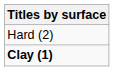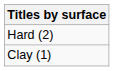 <table class=wikitable style=font-size:97%>
 <tr>
 <th>Titles by surface</th>
 </tr>
 <tr>
 <td>Hard (2)</td>
 </tr>
 <tr>
-<td><strong>Clay (1)</strong></td>
+<td>Clay (1)</td>
 </tr>
 </table>
